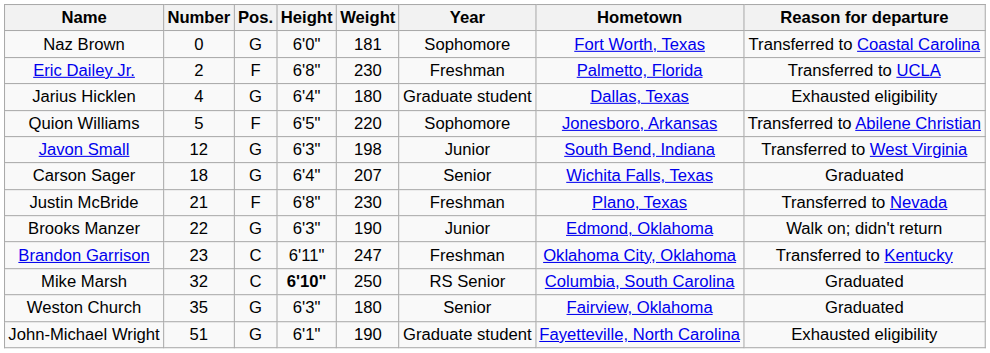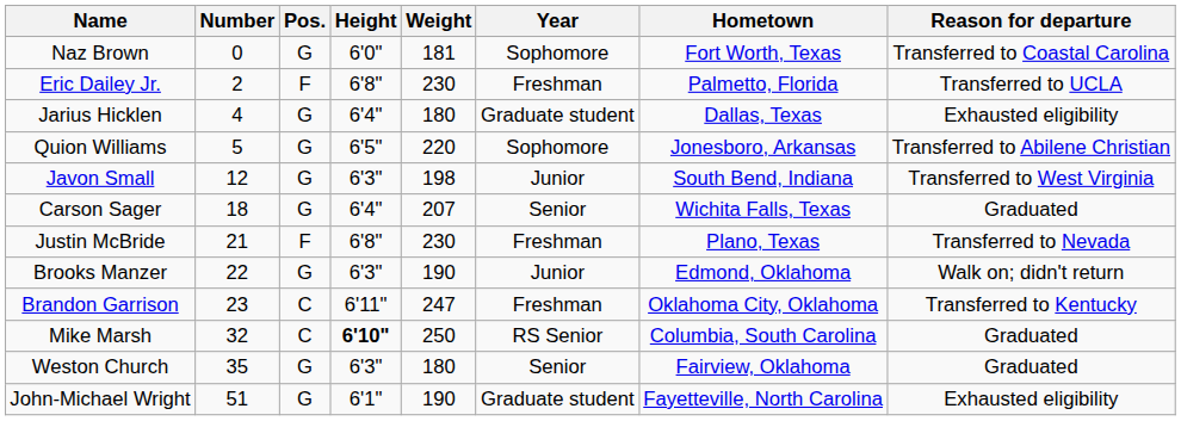 <table class="wikitable sortable" style="text-align:center">
 <tr align=center>
 <th>Name</th>
 <th>Number</th>
 <th>Pos.</th>
 <th>Height</th>
 <th>Weight</th>
 <th>Year</th>
 <th>Hometown</th>
 <th class="unsortable">Reason for departure</th>
 </tr>
 <tr>
 <td>Naz Brown</td>
 <td>0</td>
 <td>G</td>
 <td>6'0"</td>
 <td>181</td>
 <td>Sophomore</td>
 <td><a href='#'>Fort Worth, Texas</a></td>
 <td>Transferred to <a href='#'>Coastal Carolina</a></td>
 </tr>
 <tr>
 <td><a href='#'>Eric Dailey Jr.</a></td>
 <td>2</td>
 <td>F</td>
 <td>6'8"</td>
 <td>230</td>
 <td>Freshman</td>
 <td><a href='#'>Palmetto, Florida</a></td>
 <td>Transferred to <a href='#'>UCLA</a></td>
 </tr>
 <tr>
 <td>Jarius Hicklen</td>
 <td>4</td>
 <td>G</td>
 <td>6'4"</td>
 <td>180</td>
 <td>Graduate student</td>
 <td><a href='#'>Dallas, Texas</a></td>
 <td>Exhausted eligibility</td>
 </tr>
 <tr>
 <td>Quion Williams</td>
 <td>5</td>
-<td>F</td>
+<td>G</td>
 <td>6'5"</td>
 <td>220</td>
 <td>Sophomore</td>
 <td><a href='#'>Jonesboro, Arkansas</a></td>
 <td>Transferred to <a href='#'>Abilene Christian</a></td>
 </tr>
 <tr>
 <td><a href='#'>Javon Small</a></td>
 <td>12</td>
 <td>G</td>
 <td>6'3"</td>
 <td>198</td>
 <td>Junior</td>
 <td><a href='#'>South Bend, Indiana</a></td>
 <td>Transferred to <a href='#'>West Virginia</a></td>
 </tr>
 <tr>
 <td>Carson Sager</td>
 <td>18</td>
 <td>G</td>
 <td>6'4"</td>
 <td>207</td>
 <td>Senior</td>
 <td><a href='#'>Wichita Falls, Texas</a></td>
 <td>Graduated</td>
 </tr>
 <tr>
 <td>Justin McBride</td>
 <td>21</td>
 <td>F</td>
 <td>6'8"</td>
 <td>230</td>
 <td>Freshman</td>
 <td><a href='#'>Plano, Texas</a></td>
 <td>Transferred to <a href='#'>Nevada</a></td>
 </tr>
 <tr>
 <td>Brooks Manzer</td>
 <td>22</td>
 <td>G</td>
 <td>6'3"</td>
 <td>190</td>
 <td>Junior</td>
 <td><a href='#'>Edmond, Oklahoma</a></td>
 <td>Walk on; didn't return</td>
 </tr>
 <tr>
 <td><a href='#'>Brandon Garrison</a></td>
 <td>23</td>
 <td>C</td>
 <td>6'11"</td>
 <td>247</td>
 <td>Freshman</td>
 <td><a href='#'>Oklahoma City, Oklahoma</a></td>
 <td>Transferred to <a href='#'>Kentucky</a></td>
 </tr>
 <tr>
 <td>Mike Marsh</td>
 <td>32</td>
 <td>C</td>
 <td><strong>6'10"</strong></td>
 <td>250</td>
 <td>RS Senior</td>
 <td><a href='#'>Columbia, South Carolina</a></td>
 <td>Graduated</td>
 </tr>
 <tr>
 <td>Weston Church</td>
 <td>35</td>
 <td>G</td>
 <td>6'3"</td>
 <td>180</td>
 <td>Senior</td>
 <td><a href='#'>Fairview, Oklahoma</a></td>
 <td>Graduated</td>
 </tr>
 <tr>
 <td>John-Michael Wright</td>
 <td>51</td>
 <td>G</td>
 <td>6'1"</td>
 <td>190</td>
 <td>Graduate student</td>
 <td><a href='#'>Fayetteville, North Carolina</a></td>
 <td>Exhausted eligibility</td>
 </tr>
 </table>
